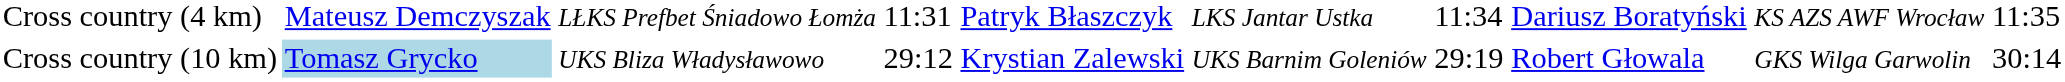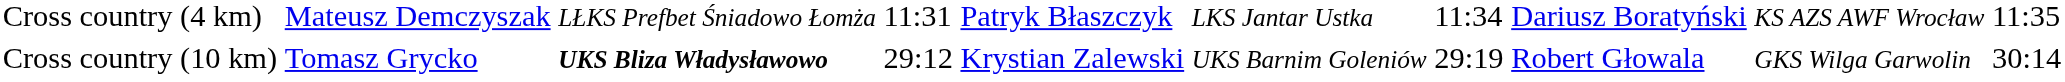 <table>
 <tr>
 <td>Cross country (4 km)</td>
 <td><a href='#'>Mateusz Demczyszak</a></td>
 <td><small><em>LŁKS Prefbet Śniadowo Łomża</em></small></td>
 <td>11:31</td>
 <td><a href='#'>Patryk Błaszczyk</a></td>
 <td><small><em>LKS Jantar Ustka</em></small></td>
 <td>11:34</td>
 <td><a href='#'>Dariusz Boratyński</a></td>
 <td><small><em>KS AZS AWF Wrocław</em></small></td>
 <td>11:35</td>
 </tr>
 <tr>
 <td>Cross country (10 km)</td>
-<td style="background: lightblue;"><a href='#'>Tomasz Grycko</a></td>
-<td><small><em>UKS Bliza Władysławowo</em></small></td>
+<td><a href='#'>Tomasz Grycko</a></td>
+<td><strong><small><em>UKS Bliza Władysławowo</em></small></strong></td>
 <td>29:12</td>
 <td><a href='#'>Krystian Zalewski</a></td>
 <td><small><em>UKS Barnim Goleniów</em></small></td>
 <td>29:19</td>
 <td><a href='#'>Robert Głowala</a></td>
 <td><small><em>GKS Wilga Garwolin</em></small></td>
 <td>30:14</td>
 </tr>
 </table>
